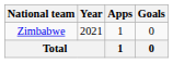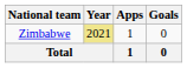 <table class="wikitable" style="text-align:center">
 <tr>
 <th>National team</th>
 <th>Year</th>
 <th>Apps</th>
 <th>Goals</th>
 </tr>
 <tr>
 <td rowspan="1"><a href='#'>Zimbabwe</a></td>
-<td>2021</td>
+<td style="background: khaki;">2021</td>
 <td>1</td>
 <td>0</td>
 </tr>
 <tr>
 <th colspan="2">Total</th>
 <th>1</th>
 <th>0</th>
 </tr>
 </table>
